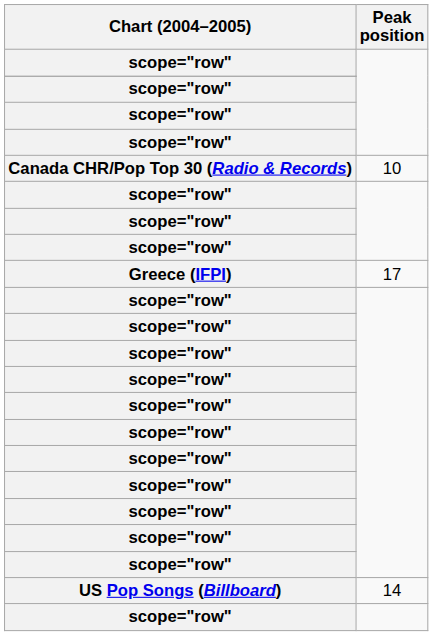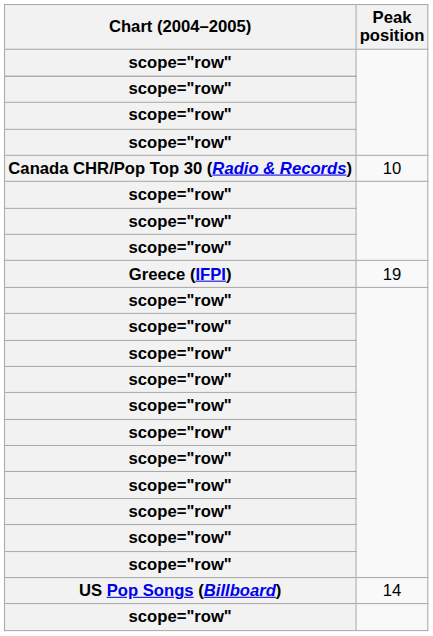 <table class="wikitable sortable plainrowheaders" style="text-align:center;" border="1">
 <tr>
 <th scope="col">Chart (2004–2005)</th>
 <th scope="col">Peak<br>position</th>
 </tr>
 <tr>
 <th>scope="row"</th>
 </tr>
 <tr>
 </tr>
 <tr>
 <th>scope="row"</th>
 </tr>
 <tr>
 <th>scope="row"</th>
 </tr>
 <tr>
 <th>scope="row"</th>
 </tr>
 <tr>
 <th scope="row">Canada CHR/Pop Top 30 (<em><a href='#'>Radio & Records</a></em>)</th>
 <td>10</td>
 </tr>
 <tr>
 <th>scope="row"</th>
 </tr>
 <tr>
 <th>scope="row"</th>
 </tr>
 <tr>
 <th>scope="row"</th>
 </tr>
 <tr>
 <th scope=row>Greece (<a href='#'>IFPI</a>)</th>
-<td>17</td>
+<td>19</td>
 </tr>
 <tr>
 <th>scope="row"</th>
 </tr>
 <tr>
 <th>scope="row"</th>
 </tr>
 <tr>
 <th>scope="row"</th>
 </tr>
 <tr>
 <th>scope="row"</th>
 </tr>
 <tr>
 <th>scope="row"</th>
 </tr>
 <tr>
 <th>scope="row"</th>
 </tr>
 <tr>
 <th>scope="row"</th>
 </tr>
 <tr>
 <th>scope="row"</th>
 </tr>
 <tr>
 <th>scope="row"</th>
 </tr>
 <tr>
 <th>scope="row"</th>
 </tr>
 <tr>
 <th>scope="row"</th>
 </tr>
 <tr>
 <th scope="row">US <a href='#'>Pop Songs</a> (<a href='#'><em>Billboard</em></a>)</th>
 <td>14</td>
 </tr>
 <tr>
 <th>scope="row"</th>
 </tr>
 </table>
